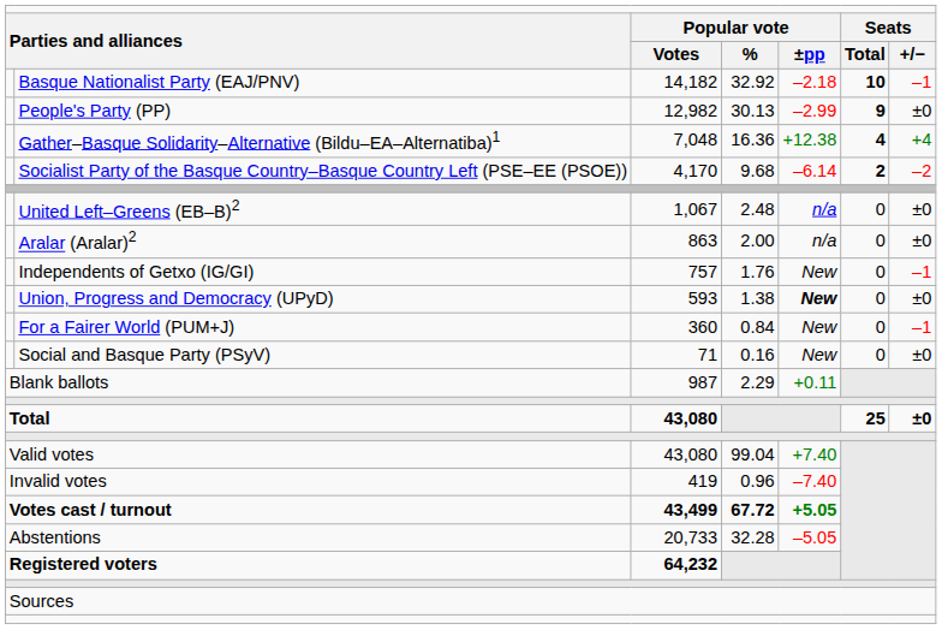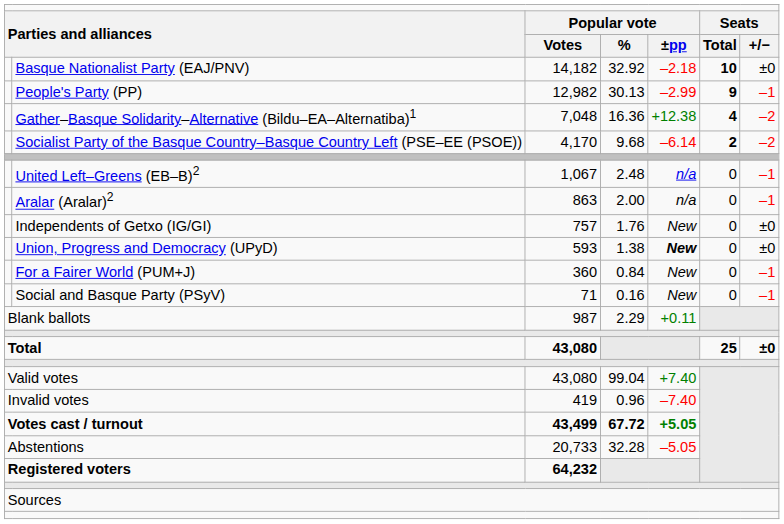 <table class="wikitable" style="text-align:right;">
 <tr>
 <td colspan="7"></td>
 </tr>
 <tr>
 <th style="text-align:left;" rowspan="2" colspan="2" width="525">Parties and alliances</th>
 <th colspan="3">Popular vote</th>
 <th colspan="2">Seats</th>
 </tr>
 <tr>
 <th width="75">Votes</th>
 <th width="45">%</th>
 <th width="45">±<a href='#'>pp</a></th>
 <th width="35">Total</th>
 <th width="35">+/−</th>
 </tr>
 <tr>
 <td width="1" style="color:inherit;background:"></td>
 <td align="left"><a href='#'>Basque Nationalist Party</a> (EAJ/PNV)</td>
 <td>14,182</td>
 <td>32.92</td>
 <td style="color:red;">–2.18</td>
 <td><strong>10</strong></td>
-<td style="color:red;">–1</td>
+<td>±0</td>
 </tr>
 <tr>
 <td style="color:inherit;background:"></td>
 <td align="left"><a href='#'>People's Party</a> (PP)</td>
 <td>12,982</td>
 <td>30.13</td>
 <td style="color:red;">–2.99</td>
 <td><strong>9</strong></td>
-<td>±0</td>
+<td style="color:red;">–1</td>
 </tr>
 <tr>
 <td style="color:inherit;background:"></td>
 <td align="left"><a href='#'>Gather</a>–<a href='#'>Basque Solidarity</a>–<a href='#'>Alternative</a> (Bildu–EA–Alternatiba)<sup>1</sup></td>
 <td>7,048</td>
 <td>16.36</td>
 <td style="color:green;">+12.38</td>
 <td><strong>4</strong></td>
-<td style="color:green;">+4</td>
+<td style="color:red;">–2</td>
 </tr>
 <tr>
 <td style="color:inherit;background:"></td>
 <td align="left"><a href='#'>Socialist Party of the Basque Country–Basque Country Left</a> (PSE–EE (PSOE))</td>
 <td>4,170</td>
 <td>9.68</td>
 <td style="color:red;">–6.14</td>
 <td><strong>2</strong></td>
 <td style="color:red;">–2</td>
 </tr>
 <tr>
 <td colspan="7" bgcolor="#C0C0C0"></td>
 </tr>
 <tr>
 <td style="color:inherit;background:"></td>
 <td align="left"><a href='#'>United Left–Greens</a> (EB–B)<sup>2</sup></td>
 <td>1,067</td>
 <td>2.48</td>
 <td><em><a href='#'>n/a</a></em></td>
 <td>0</td>
-<td>±0</td>
+<td style="color:red;">–1</td>
 </tr>
 <tr>
 <td style="color:inherit;background:"></td>
 <td align="left"><a href='#'>Aralar</a> (Aralar)<sup>2</sup></td>
 <td>863</td>
 <td>2.00</td>
 <td><em>n/a</em></td>
 <td>0</td>
-<td>±0</td>
+<td style="color:red;">–1</td>
 </tr>
 <tr>
 <td style="color:inherit;background:"></td>
 <td align="left">Independents of Getxo (IG/GI)</td>
 <td>757</td>
 <td>1.76</td>
 <td><em>New</em></td>
 <td>0</td>
-<td style="color:red;">–1</td>
+<td>±0</td>
 </tr>
 <tr>
 <td style="color:inherit;background:"></td>
 <td align="left"><a href='#'>Union, Progress and Democracy</a> (UPyD)</td>
 <td>593</td>
 <td>1.38</td>
 <td><strong><em>New</em></strong></td>
 <td>0</td>
 <td>±0</td>
 </tr>
 <tr>
 <td style="color:inherit;background:"></td>
 <td align="left"><a href='#'>For a Fairer World</a> (PUM+J)</td>
 <td>360</td>
 <td>0.84</td>
 <td><em>New</em></td>
 <td>0</td>
 <td style="color:red;">–1</td>
 </tr>
 <tr>
 <td style="color:inherit;background:"></td>
 <td align="left">Social and Basque Party (PSyV)</td>
 <td>71</td>
 <td>0.16</td>
 <td><em>New</em></td>
 <td>0</td>
-<td>±0</td>
+<td style="color:red;">–1</td>
 </tr>
 <tr>
 <td align="left" colspan="2">Blank ballots</td>
 <td>987</td>
 <td>2.29</td>
 <td style="color:green;">+0.11</td>
 <td bgcolor="#E9E9E9" colspan="2"></td>
 </tr>
 <tr>
 <td colspan="7" bgcolor="#E9E9E9"></td>
 </tr>
 <tr style="font-weight:bold;">
 <td align="left" colspan="2">Total</td>
 <td>43,080</td>
 <td bgcolor="#E9E9E9" colspan="2"></td>
 <td>25</td>
 <td>±0</td>
 </tr>
 <tr>
 <td colspan="7" bgcolor="#E9E9E9"></td>
 </tr>
 <tr>
 <td align="left" colspan="2">Valid votes</td>
 <td>43,080</td>
 <td>99.04</td>
 <td style="color:green;">+7.40</td>
 <td bgcolor="#E9E9E9" colspan="2" rowspan="5"></td>
 </tr>
 <tr>
 <td align="left" colspan="2">Invalid votes</td>
 <td>419</td>
 <td>0.96</td>
 <td style="color:red;">–7.40</td>
 </tr>
 <tr style="font-weight:bold;">
 <td align="left" colspan="2">Votes cast / turnout</td>
 <td>43,499</td>
 <td>67.72</td>
 <td style="color:green;">+5.05</td>
 </tr>
 <tr>
 <td align="left" colspan="2">Abstentions</td>
 <td>20,733</td>
 <td>32.28</td>
 <td style="color:red;">–5.05</td>
 </tr>
 <tr style="font-weight:bold;">
 <td align="left" colspan="2">Registered voters</td>
 <td>64,232</td>
 <td bgcolor="#E9E9E9" colspan="2"></td>
 </tr>
 <tr>
 <td colspan="7" bgcolor="#E9E9E9"></td>
 </tr>
 <tr>
 <td align="left" colspan="7">Sources</td>
 </tr>
 <tr>
 <td colspan="7" style="text-align:left; max-width:790px;"></td>
 </tr>
 </table>
